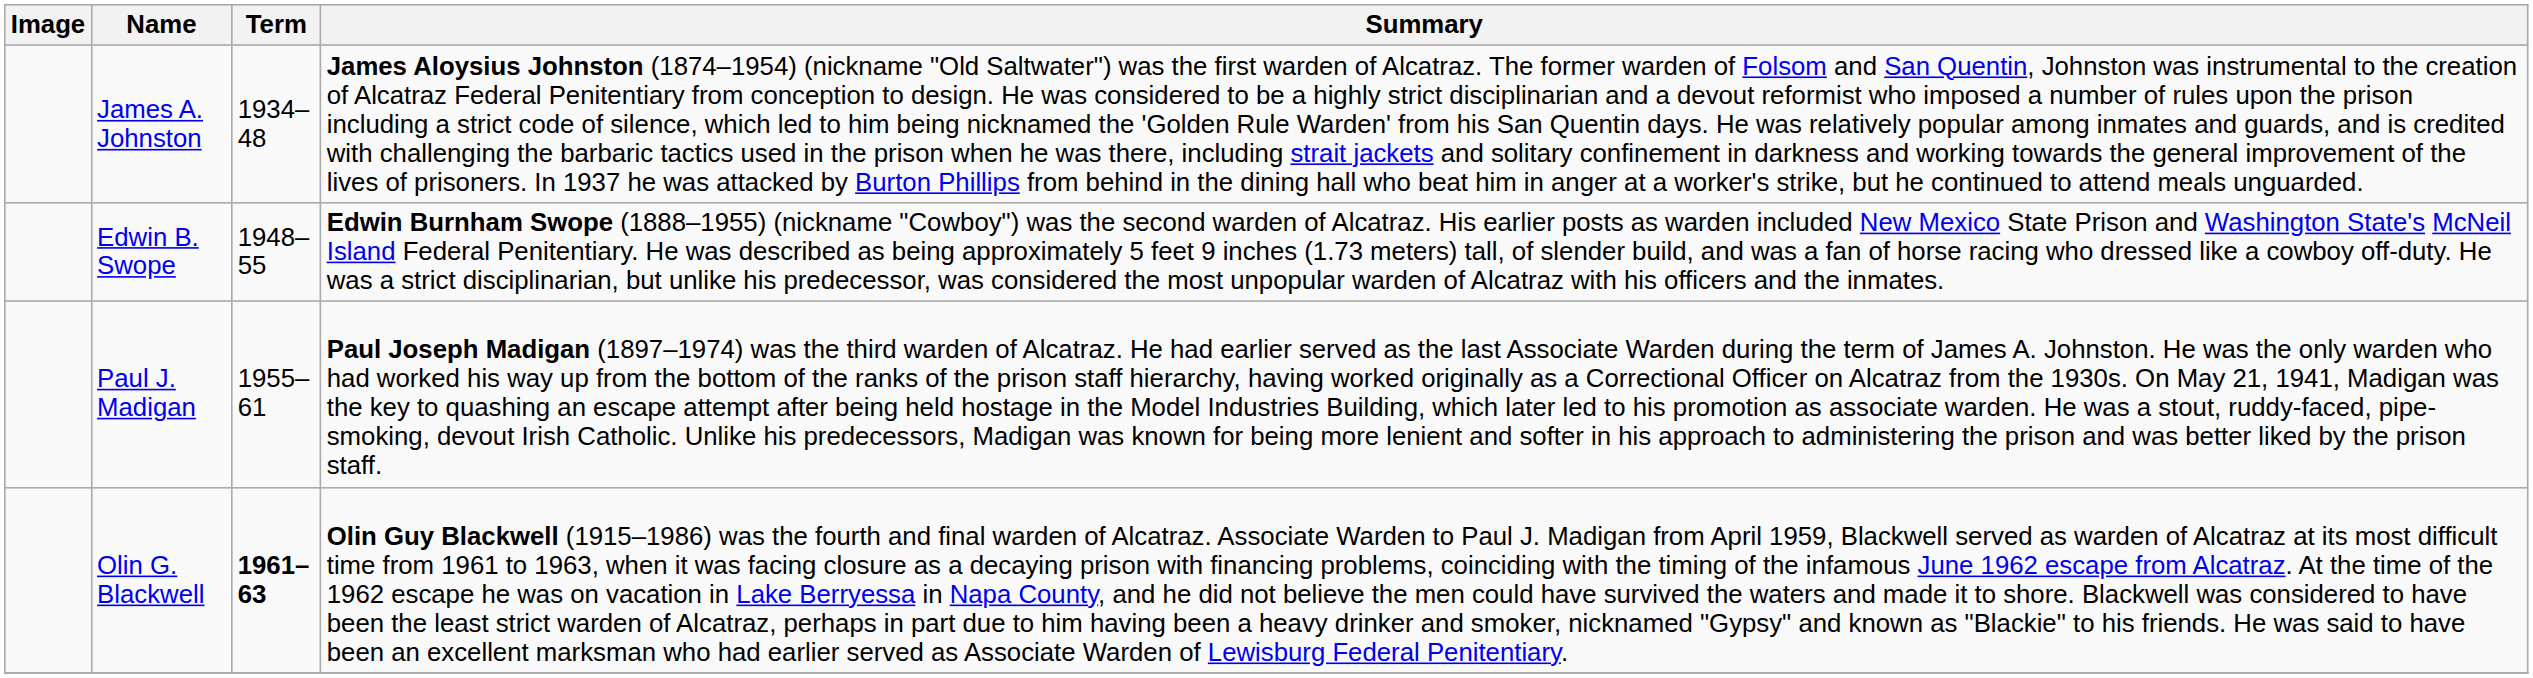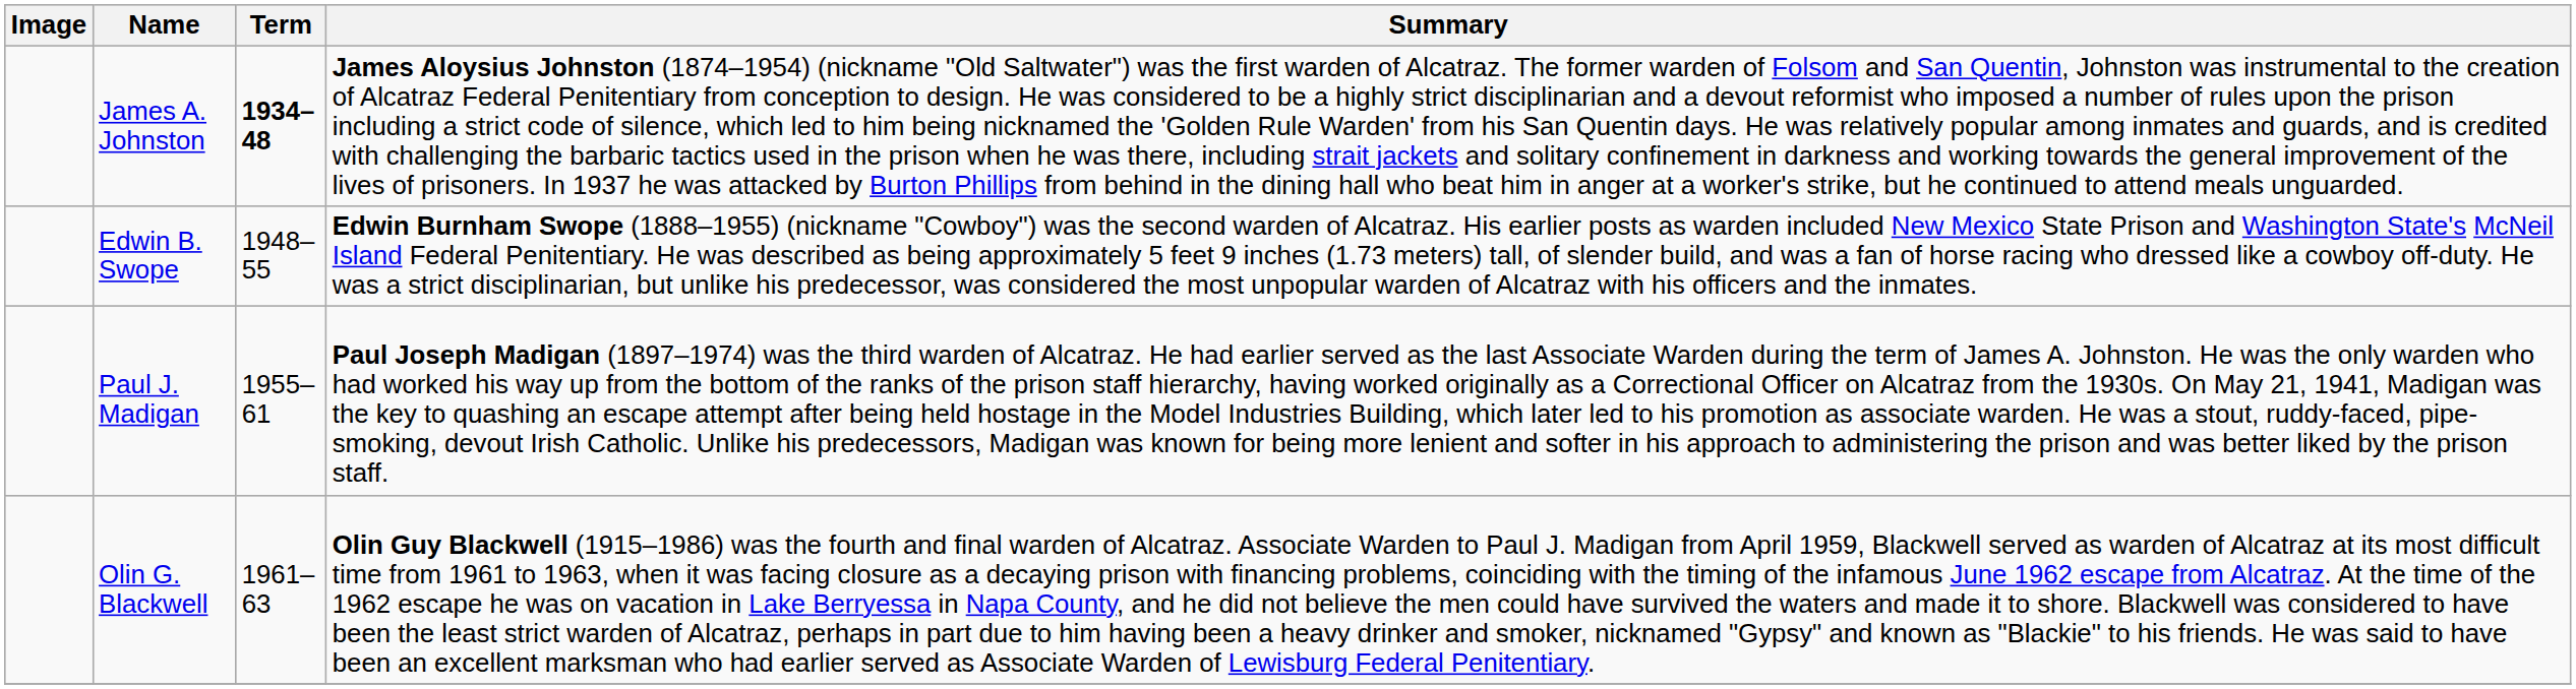 <table class="wikitable">
 <tr>
 <th>Image</th>
 <th>Name</th>
 <th>Term</th>
 <th>Summary</th>
 </tr>
 <tr>
 <td></td>
 <td><a href='#'>James A. Johnston</a></td>
-<td>1934–48</td>
+<td><strong>1934–48</strong></td>
 <td><strong>James Aloysius Johnston</strong> (1874–1954) (nickname "Old Saltwater") was the first warden of Alcatraz. The former warden of <a href='#'>Folsom</a> and <a href='#'>San Quentin</a>, Johnston was instrumental to the creation of Alcatraz Federal Penitentiary from conception to design. He was considered to be a highly strict disciplinarian and a devout reformist who imposed a number of rules upon the prison including a strict code of silence, which led to him being nicknamed the 'Golden Rule Warden' from his San Quentin days. He was relatively popular among inmates and guards, and is credited with challenging the barbaric tactics used in the prison when he was there, including <a href='#'>strait jackets</a> and solitary confinement in darkness and working towards the general improvement of the lives of prisoners. In 1937 he was attacked by <a href='#'>Burton Phillips</a> from behind in the dining hall who beat him in anger at a worker's strike, but he continued to attend meals unguarded.</td>
 </tr>
 <tr>
 <td></td>
 <td><a href='#'>Edwin B. Swope</a></td>
 <td>1948–55</td>
 <td><strong>Edwin Burnham Swope</strong> (1888–1955) (nickname "Cowboy") was the second warden of Alcatraz. His earlier posts as warden included <a href='#'>New Mexico</a> State Prison and <a href='#'>Washington State's</a> <a href='#'>McNeil Island</a> Federal Penitentiary. He was described as being approximately 5 feet 9 inches (1.73 meters) tall, of slender build, and was a fan of horse racing who dressed like a cowboy off-duty. He was a strict disciplinarian, but unlike his predecessor, was considered the most unpopular warden of Alcatraz with his officers and the inmates.</td>
 </tr>
 <tr>
 <td></td>
 <td><a href='#'>Paul J. Madigan</a></td>
 <td>1955–61</td>
 <td><br><strong>Paul Joseph Madigan</strong> (1897–1974) was the third warden of Alcatraz. He had earlier served as the last Associate Warden during the term of James A. Johnston. He was the only warden who had worked his way up from the bottom of the ranks of the prison staff hierarchy, having worked originally as a Correctional Officer on Alcatraz from the 1930s. On May 21, 1941, Madigan was the key to quashing an escape attempt after being held hostage in the Model Industries Building, which later led to his promotion as associate warden. He was a stout, ruddy-faced, pipe-smoking, devout Irish Catholic. Unlike his predecessors, Madigan was known for being more lenient and softer in his approach to administering the prison and was better liked by the prison staff.</td>
 </tr>
 <tr>
 <td></td>
 <td><a href='#'>Olin G. Blackwell</a></td>
-<td><strong>1961–63</strong></td>
+<td>1961–63</td>
 <td><br><strong>Olin Guy Blackwell</strong> (1915–1986) was the fourth and final warden of Alcatraz. Associate Warden to Paul J. Madigan from April 1959, Blackwell served as warden of Alcatraz at its most difficult time from 1961 to 1963, when it was facing closure as a decaying prison with financing problems, coinciding with the timing of the infamous <a href='#'>June 1962 escape from Alcatraz</a>. At the time of the 1962 escape he was on vacation in <a href='#'>Lake Berryessa</a> in <a href='#'>Napa County</a>, and he did not believe the men could have survived the waters and made it to shore. Blackwell was considered to have been the least strict warden of Alcatraz, perhaps in part due to him having been a heavy drinker and smoker, nicknamed "Gypsy" and known as "Blackie" to his friends. He was said to have been an excellent marksman who had earlier served as Associate Warden of <a href='#'>Lewisburg Federal Penitentiary</a>.</td>
 </tr>
 <tr>
 </tr>
 </table>
